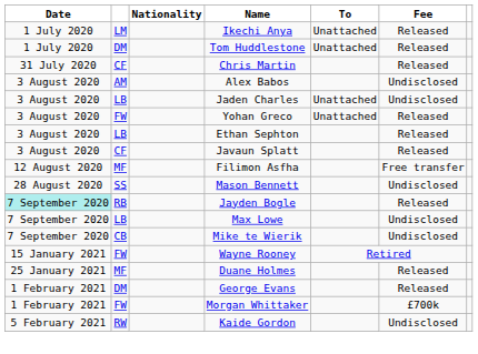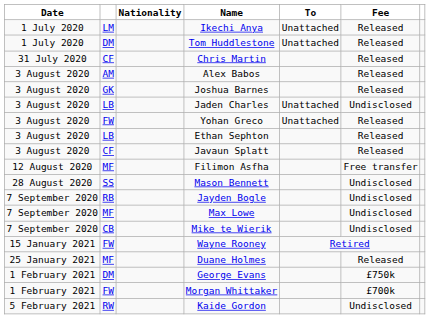 <table class="wikitable" style="text-align:center;">
 <tr>
 <th style="color:#000000; background:#ffffff; ">Date</th>
 <th style="color:#000000; background:#ffffff; "></th>
 <th style="color:#000000; background:#ffffff; ">Nationality</th>
 <th style="color:#000000; background:#ffffff; ">Name</th>
 <th style="color:#000000; background:#ffffff; ">To</th>
 <th style="color:#000000; background:#ffffff; ">Fee</th>
 <th style="color:#000000; background:#ffffff; "></th>
 </tr>
 <tr>
 <td>1 July 2020</td>
 <td><a href='#'>LM</a></td>
 <td></td>
 <td><a href='#'>Ikechi Anya</a></td>
 <td>Unattached</td>
 <td>Released</td>
 <td></td>
 </tr>
 <tr>
 <td>1 July 2020</td>
 <td><a href='#'>DM</a></td>
 <td></td>
 <td><a href='#'>Tom Huddlestone</a></td>
 <td>Unattached</td>
 <td>Released</td>
 <td></td>
 </tr>
 <tr>
 <td>31 July 2020</td>
 <td><a href='#'>CF</a></td>
 <td></td>
 <td><a href='#'>Chris Martin</a></td>
 <td></td>
 <td>Released</td>
 <td></td>
 </tr>
 <tr>
 <td>3 August 2020</td>
 <td><a href='#'>AM</a></td>
 <td></td>
 <td>Alex Babos</td>
 <td></td>
-<td>Undisclosed</td>
+<td>Released</td>
+<td></td>
+</tr>
+<tr>
+<td>3 August 2020</td>
+<td><a href='#'>GK</a></td>
+<td></td>
+<td>Joshua Barnes</td>
+<td></td>
+<td>Released</td>
 <td></td>
 </tr>
 <tr>
 <td>3 August 2020</td>
 <td><a href='#'>LB</a></td>
 <td></td>
 <td>Jaden Charles</td>
 <td>Unattached</td>
 <td>Undisclosed</td>
 <td></td>
 </tr>
 <tr>
 <td>3 August 2020</td>
 <td><a href='#'>FW</a></td>
 <td></td>
 <td>Yohan Greco</td>
 <td>Unattached</td>
 <td>Released</td>
 <td></td>
 </tr>
 <tr>
 <td>3 August 2020</td>
 <td><a href='#'>LB</a></td>
 <td></td>
 <td>Ethan Sephton</td>
 <td></td>
 <td>Released</td>
 <td></td>
 </tr>
 <tr>
 <td>3 August 2020</td>
 <td><a href='#'>CF</a></td>
 <td></td>
 <td>Javaun Splatt</td>
 <td></td>
 <td>Released</td>
 <td></td>
 </tr>
 <tr>
 <td>12 August 2020</td>
 <td><a href='#'>MF</a></td>
 <td></td>
 <td>Filimon Asfha</td>
 <td></td>
 <td>Free transfer</td>
 <td></td>
 </tr>
 <tr>
 <td>28 August 2020</td>
 <td><a href='#'>SS</a></td>
 <td></td>
 <td><a href='#'>Mason Bennett</a></td>
 <td></td>
 <td>Undisclosed</td>
 <td></td>
 </tr>
 <tr>
-<td style="background: paleturquoise;">7 September 2020</td>
+<td>7 September 2020</td>
 <td><a href='#'>RB</a></td>
 <td></td>
 <td><a href='#'>Jayden Bogle</a></td>
 <td></td>
-<td>Released</td>
+<td>Undisclosed</td>
 <td></td>
 </tr>
 <tr>
 <td>7 September 2020</td>
-<td><a href='#'>LB</a></td>
+<td><a href='#'>MF</a></td>
 <td></td>
 <td><a href='#'>Max Lowe</a></td>
 <td></td>
 <td>Undisclosed</td>
 <td></td>
 </tr>
 <tr>
 <td>7 September 2020</td>
 <td><a href='#'>CB</a></td>
 <td></td>
 <td><a href='#'>Mike te Wierik</a></td>
 <td></td>
 <td>Undisclosed</td>
 <td></td>
 </tr>
 <tr>
 <td>15 January 2021</td>
 <td><a href='#'>FW</a></td>
 <td></td>
 <td><a href='#'>Wayne Rooney</a></td>
 <td colspan="2"><a href='#'>Retired</a></td>
 <td></td>
 </tr>
 <tr>
 <td>25 January 2021</td>
 <td><a href='#'>MF</a></td>
 <td></td>
 <td><a href='#'>Duane Holmes</a></td>
 <td></td>
 <td>Released</td>
 <td></td>
 </tr>
 <tr>
 <td>1 February 2021</td>
 <td><a href='#'>DM</a></td>
 <td></td>
 <td><a href='#'>George Evans</a></td>
 <td></td>
-<td>Released</td>
+<td>£750k</td>
 <td></td>
 </tr>
 <tr>
 <td>1 February 2021</td>
 <td><a href='#'>FW</a></td>
 <td></td>
 <td><a href='#'>Morgan Whittaker</a></td>
 <td></td>
 <td>£700k</td>
 <td></td>
 </tr>
 <tr>
 <td>5 February 2021</td>
 <td><a href='#'>RW</a></td>
 <td></td>
 <td><a href='#'>Kaide Gordon</a></td>
 <td></td>
 <td>Undisclosed</td>
 <td></td>
 </tr>
 </table>
